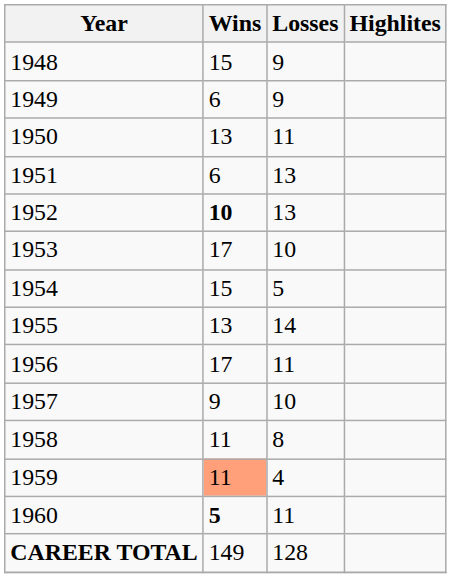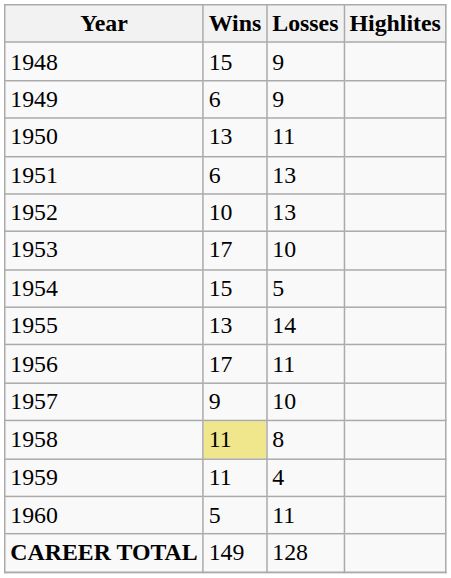 <table class="wikitable">
 <tr>
 <th>Year</th>
 <th>Wins</th>
 <th>Losses</th>
 <th>Highlites</th>
 </tr>
 <tr>
 <td>1948</td>
 <td>15</td>
 <td>9</td>
 <td></td>
 </tr>
 <tr>
 <td>1949</td>
 <td>6</td>
 <td>9</td>
 <td></td>
 </tr>
 <tr>
 <td>1950</td>
 <td>13</td>
 <td>11</td>
 <td></td>
 </tr>
 <tr>
 <td>1951</td>
 <td>6</td>
 <td>13</td>
 <td></td>
 </tr>
 <tr>
 <td>1952</td>
-<td><strong>10</strong></td>
+<td>10</td>
 <td>13</td>
 <td></td>
 </tr>
 <tr>
 <td>1953</td>
 <td>17</td>
 <td>10</td>
 <td></td>
 </tr>
 <tr>
 <td>1954</td>
 <td>15</td>
 <td>5</td>
 <td></td>
 </tr>
 <tr>
 <td>1955</td>
 <td>13</td>
 <td>14</td>
 <td></td>
 </tr>
 <tr>
 <td>1956</td>
 <td>17</td>
 <td>11</td>
 <td></td>
 </tr>
 <tr>
 <td>1957</td>
 <td>9</td>
 <td>10</td>
 <td></td>
 </tr>
 <tr>
 <td>1958</td>
-<td>11</td>
+<td style="background: khaki;">11</td>
 <td>8</td>
 <td></td>
 </tr>
 <tr>
 <td>1959</td>
-<td style="background: lightsalmon;">11</td>
+<td>11</td>
 <td>4</td>
 <td></td>
 </tr>
 <tr>
 <td>1960</td>
-<td><strong>5</strong></td>
+<td>5</td>
 <td>11</td>
 <td></td>
 </tr>
 <tr>
 <td><strong>CAREER TOTAL</strong></td>
 <td>149</td>
 <td>128</td>
 <td></td>
 </tr>
 <tr>
 </tr>
 </table>
